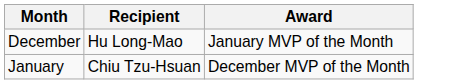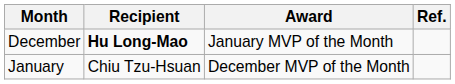 <table class="wikitable">
 <tr>
 <th>Month</th>
 <th>Recipient</th>
 <th>Award</th>
+<th>Ref.</th>
 </tr>
 <tr>
 <td>December</td>
-<td>Hu Long-Mao</td>
+<td><strong>Hu Long-Mao</strong></td>
 <td>January MVP of the Month</td>
+<td></td>
 </tr>
 <tr>
 <td>January</td>
 <td>Chiu Tzu-Hsuan</td>
 <td>December MVP of the Month</td>
+<td></td>
 </tr>
 </table>
